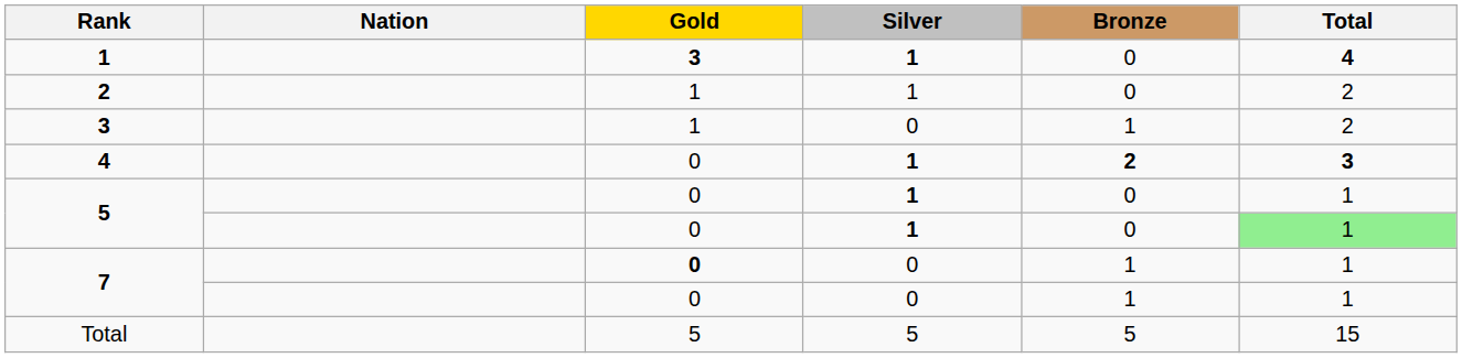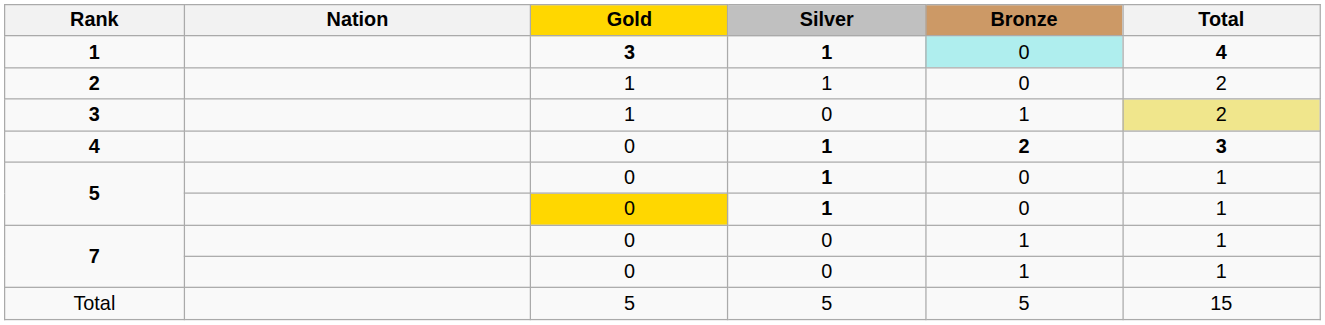 <table class="wikitable collapsible autocollapse plainrowheaders" width=84% style="text-align:center;">
 <tr style="background-color:#EDEDED;">
 <th width=100px class="hintergrundfarbe5">Rank</th>
 <th width=200px class="hintergrundfarbe6">Nation</th>
 <th style="background:    gold; width:15%">Gold</th>
 <th style="background:  silver; width:15%">Silver</th>
 <th style="background: #CC9966; width:15%">Bronze</th>
 <th class="hintergrundfarbe6" style="width:15%">Total</th>
 </tr>
 <tr>
 <td><strong>1</strong></td>
 <td align=left></td>
 <td><strong>3</strong></td>
 <td><strong>1</strong></td>
-<td>0</td>
+<td style="background: paleturquoise;">0</td>
 <td><strong>4</strong></td>
 </tr>
 <tr>
 <td><strong>2</strong></td>
 <td align=left></td>
 <td>1</td>
 <td>1</td>
 <td>0</td>
 <td>2</td>
 </tr>
 <tr>
 <td><strong>3</strong></td>
 <td align=left></td>
 <td>1</td>
 <td>0</td>
 <td>1</td>
-<td>2</td>
+<td style="background: khaki;">2</td>
 </tr>
 <tr>
 <td><strong>4</strong></td>
 <td align=left></td>
 <td>0</td>
 <td><strong>1</strong></td>
 <td><strong>2</strong></td>
 <td><strong>3</strong></td>
 </tr>
 <tr>
 <td rowspan=2><strong>5</strong></td>
 <td align=left></td>
 <td>0</td>
 <td><strong>1</strong></td>
 <td>0</td>
 <td>1</td>
 </tr>
 <tr>
 <td align=left><em></em></td>
-<td>0</td>
+<td style="background: gold;">0</td>
 <td><strong>1</strong></td>
 <td>0</td>
-<td style="background: lightgreen;">1</td>
+<td>1</td>
 </tr>
 <tr>
 <td rowspan=2><strong>7</strong></td>
 <td align=left></td>
-<td><strong>0</strong></td>
+<td>0</td>
 <td>0</td>
 <td>1</td>
 <td>1</td>
 </tr>
 <tr>
 <td align=left><em></em></td>
 <td>0</td>
 <td>0</td>
 <td>1</td>
 <td>1</td>
 </tr>
 <tr>
 <td>Total</td>
 <td></td>
 <td>5</td>
 <td>5</td>
 <td>5</td>
 <td>15</td>
 </tr>
 </table>
